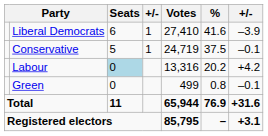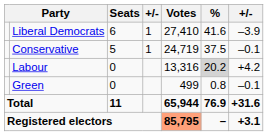 <table class="wikitable sortable">
 <tr>
 <th colspan="2">Party</th>
 <th>Seats</th>
 <th>+/-</th>
 <th>Votes</th>
 <th>%</th>
 <th>+/-</th>
 </tr>
 <tr>
 <td style="background-color: "></td>
 <td><a href='#'>Liberal Democrats</a></td>
 <td>6</td>
 <td> 1</td>
 <td style="text-align:right;">27,410</td>
 <td style="text-align:right;">41.6</td>
 <td style="text-align:right;">–3.9</td>
 </tr>
 <tr>
 <td style="background-color: "></td>
 <td><a href='#'>Conservative</a></td>
 <td>5</td>
 <td> 1</td>
 <td style="text-align:right;">24,719</td>
 <td style="text-align:right;">37.5</td>
 <td style="text-align:right;">–0.1</td>
 </tr>
 <tr>
 <td style="background-color: "></td>
 <td><a href='#'>Labour</a></td>
-<td style="background: lightblue;">0</td>
+<td>0</td>
 <td></td>
 <td style="text-align:right;">13,316</td>
-<td style="text-align:right;">20.2</td>
+<td style="background: lightgrey; text-align:right;">20.2</td>
 <td style="text-align:right;">+4.2</td>
 </tr>
 <tr>
 <td style="background-color: "></td>
 <td><a href='#'>Green</a></td>
 <td>0</td>
 <td></td>
 <td style="text-align:right;">499</td>
 <td style="text-align:right;">0.8</td>
 <td style="text-align:right;">–0.1</td>
 </tr>
 <tr>
 <td colspan="2"><strong>Total</strong></td>
 <td><strong>11</strong></td>
 <td></td>
 <td style="text-align:right;"><strong>65,944</strong></td>
 <td style="text-align:right;"><strong>76.9</strong></td>
 <td style="text-align:right;"><strong>+31.6</strong></td>
 </tr>
 <tr>
 <td colspan="4"><strong>Registered electors</strong></td>
-<td style="text-align:right;"><strong>85,795</strong></td>
+<td style="background: lightsalmon; text-align:right;"><strong>85,795</strong></td>
 <td style="text-align:right;"><strong>–</strong></td>
 <td style="text-align:right;"><strong>+3.1</strong></td>
 </tr>
 </table>
